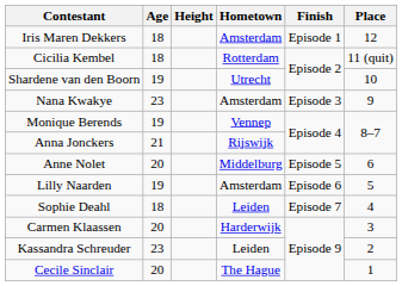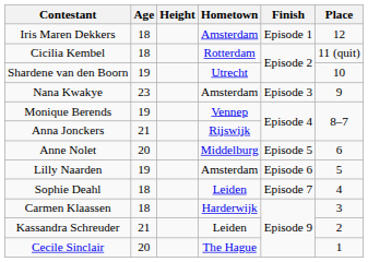 <table class="wikitable sortable" style="text-align:center;">
 <tr>
 <th>Contestant</th>
 <th>Age</th>
 <th>Height</th>
 <th>Hometown</th>
 <th>Finish</th>
 <th>Place</th>
 </tr>
 <tr>
 <td>Iris Maren Dekkers</td>
 <td>18</td>
 <td></td>
 <td><a href='#'>Amsterdam</a></td>
 <td>Episode 1</td>
 <td>12</td>
 </tr>
 <tr>
 <td>Cicilia Kembel</td>
 <td>18</td>
 <td></td>
 <td><a href='#'>Rotterdam</a></td>
 <td rowspan="2">Episode 2</td>
 <td>11 (quit)</td>
 </tr>
 <tr>
 <td>Shardene van den Boorn</td>
 <td>19</td>
 <td></td>
 <td><a href='#'>Utrecht</a></td>
 <td>10</td>
 </tr>
 <tr>
 <td>Nana Kwakye </td>
 <td>23</td>
 <td></td>
 <td>Amsterdam</td>
 <td>Episode 3</td>
 <td>9</td>
 </tr>
 <tr>
 <td>Monique Berends</td>
 <td>19</td>
 <td></td>
 <td><a href='#'>Vennep</a></td>
 <td rowspan="2">Episode 4</td>
 <td rowspan="2">8–7</td>
 </tr>
 <tr>
 <td>Anna Jonckers </td>
 <td>21</td>
 <td></td>
 <td><a href='#'>Rijswijk</a></td>
 </tr>
 <tr>
 <td>Anne Nolet </td>
 <td>20</td>
 <td></td>
 <td><a href='#'>Middelburg</a></td>
 <td>Episode 5</td>
 <td>6</td>
 </tr>
 <tr>
 <td>Lilly Naarden</td>
 <td>19</td>
 <td></td>
 <td>Amsterdam</td>
 <td>Episode 6</td>
 <td>5</td>
 </tr>
 <tr>
 <td>Sophie Deahl </td>
 <td>18</td>
 <td></td>
 <td><a href='#'>Leiden</a></td>
 <td>Episode 7</td>
 <td>4</td>
 </tr>
 <tr>
 <td>Carmen Klaassen </td>
-<td>20</td>
+<td>18</td>
 <td></td>
 <td><a href='#'>Harderwijk</a></td>
 <td rowspan="3">Episode 9</td>
 <td>3</td>
 </tr>
 <tr>
 <td>Kassandra Schreuder </td>
-<td>23</td>
+<td>21</td>
 <td></td>
 <td Leiden>Leiden</td>
 <td>2</td>
 </tr>
 <tr>
 <td><a href='#'>Cecile Sinclair</a></td>
 <td>20</td>
 <td></td>
 <td><a href='#'>The Hague</a></td>
 <td>1</td>
 </tr>
 </table>
